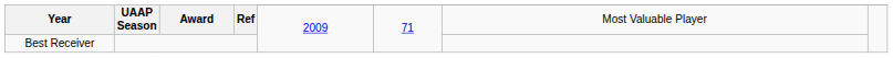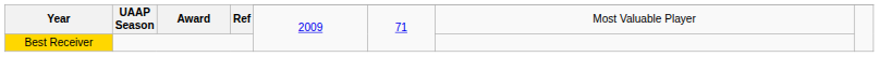 <table class="wikitable sortable" style="text-align:center" width="80%">
 <tr>
 <th style="width:150px;" rowspan="2">Year</th>
 <th style="width:50px;" rowspan="2">UAAP Season</th>
 <th style="width:100px;" rowspan="2">Award</th>
 <th style="width:25px;" rowspan="2">Ref</th>
 </tr>
 <tr>
 <td rowspan=2><a href='#'>2009</a></td>
 <td rowspan=2><a href='#'>71</a></td>
 <td>Most Valuable Player</td>
 <td rowspan=2></td>
 </tr>
 <tr>
-<td>Best Receiver</td>
+<td style="background: gold;">Best Receiver</td>
 </tr>
 </table>
